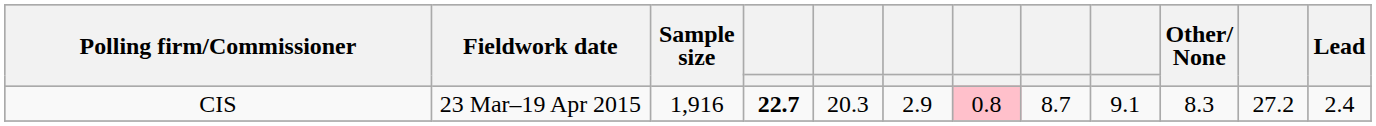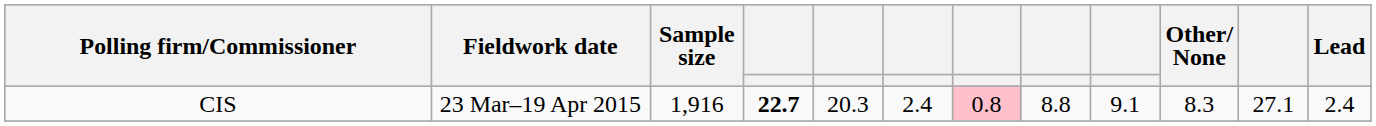 <table class="wikitable collapsible collapsed" style="text-align:center; font-size:90%; line-height:14px;">
 <tr style="height:42px;">
 <th style="width:250px;" rowspan="2">Polling firm/Commissioner</th>
 <th style="width:125px;" rowspan="2">Fieldwork date</th>
 <th style="width:50px;" rowspan="2">Sample size</th>
 <th style="width:35px;"></th>
 <th style="width:35px;"></th>
 <th style="width:35px;"></th>
 <th style="width:35px;"></th>
 <th style="width:35px;"></th>
 <th style="width:35px;"></th>
 <th style="width:35px;" rowspan="2">Other/<br>None</th>
 <th style="width:35px;" rowspan="2"></th>
 <th style="width:30px;" rowspan="2">Lead</th>
 </tr>
 <tr>
 <th style="color:inherit;background:"></th>
 <th style="color:inherit;background:"></th>
 <th style="color:inherit;background:"></th>
 <th style="color:inherit;background:"></th>
 <th style="color:inherit;background:"></th>
 <th style="color:inherit;background:"></th>
 </tr>
 <tr>
 <td>CIS</td>
 <td>23 Mar–19 Apr 2015</td>
 <td>1,916</td>
 <td><strong>22.7</strong></td>
 <td>20.3</td>
-<td>2.9</td>
+<td>2.4</td>
 <td style="background: pink;">0.8</td>
-<td>8.7</td>
+<td>8.8</td>
 <td>9.1</td>
 <td>8.3</td>
-<td>27.2</td>
+<td>27.1</td>
 <td style="background:">2.4</td>
 </tr>
 </table>
